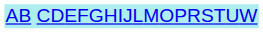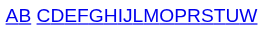 <table id="toc" class="toc" summary="Class">
 <tr>
 <th></th>
 </tr>
 <tr>
-<td style="background: paleturquoise; text-align:center;"><a href='#'>A</a><a href='#'>B</a> <a href='#'>C</a><a href='#'>D</a><a href='#'>E</a><a href='#'>F</a><a href='#'>G</a><a href='#'>H</a><a href='#'>I</a><a href='#'>J</a><a href='#'>L</a><a href='#'>M</a><a href='#'>O</a><a href='#'>P</a><a href='#'>R</a><a href='#'>S</a><a href='#'>T</a><a href='#'>U</a><a href='#'>W</a></td>
+<td style="text-align:center;"><a href='#'>A</a><a href='#'>B</a> <a href='#'>C</a><a href='#'>D</a><a href='#'>E</a><a href='#'>F</a><a href='#'>G</a><a href='#'>H</a><a href='#'>I</a><a href='#'>J</a><a href='#'>L</a><a href='#'>M</a><a href='#'>O</a><a href='#'>P</a><a href='#'>R</a><a href='#'>S</a><a href='#'>T</a><a href='#'>U</a><a href='#'>W</a></td>
 </tr>
 </table>
